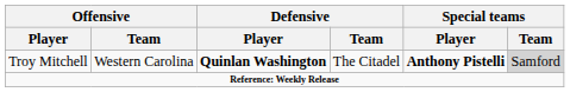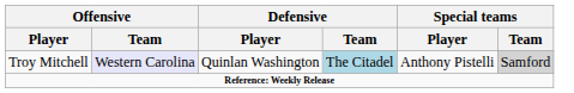 <table class="wikitable" border="1">
 <tr>
 <th colspan="2">Offensive</th>
 <th colspan="2">Defensive</th>
 <th colspan="2">Special teams</th>
 </tr>
 <tr>
 <th>Player</th>
 <th>Team</th>
 <th>Player</th>
 <th>Team</th>
 <th>Player</th>
 <th>Team</th>
 </tr>
 <tr>
 <td>Troy Mitchell</td>
-<td>Western Carolina</td>
-<td><strong>Quinlan Washington</strong></td>
-<td>The Citadel</td>
-<td><strong>Anthony Pistelli</strong></td>
+<td style="background: lavender;">Western Carolina</td>
+<td>Quinlan Washington</td>
+<td style="background: lightblue;">The Citadel</td>
+<td>Anthony Pistelli</td>
 <td style="background: lightgrey;">Samford</td>
 </tr>
 <tr>
 <td colspan="8" style="font-size: 8pt" align="center"><strong>Reference: Weekly Release</strong></td>
 </tr>
 </table>
